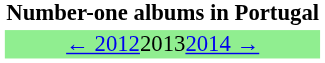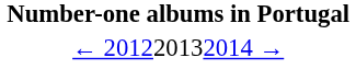 <table class="toc" id="toc" summary="Contents">
 <tr>
 <th>Number-one albums in Portugal</th>
 </tr>
 <tr>
-<td align="center" style="background: lightgreen;"><a href='#'>← 2012</a>2013<a href='#'>2014 →</a></td>
+<td align="center"><a href='#'>← 2012</a>2013<a href='#'>2014 →</a></td>
 </tr>
 </table>
